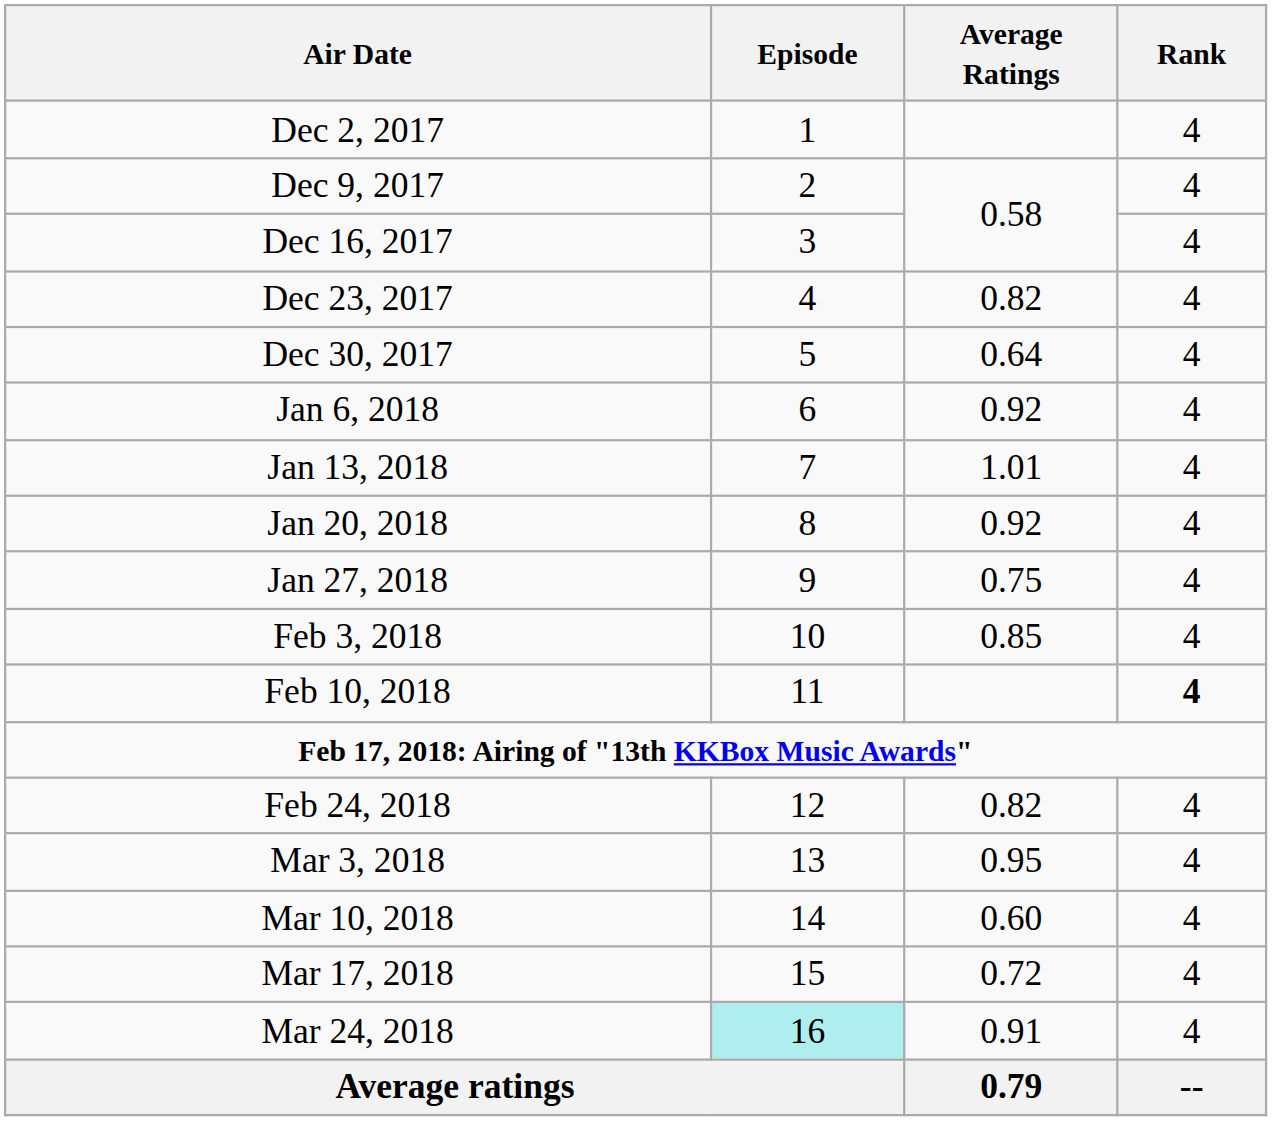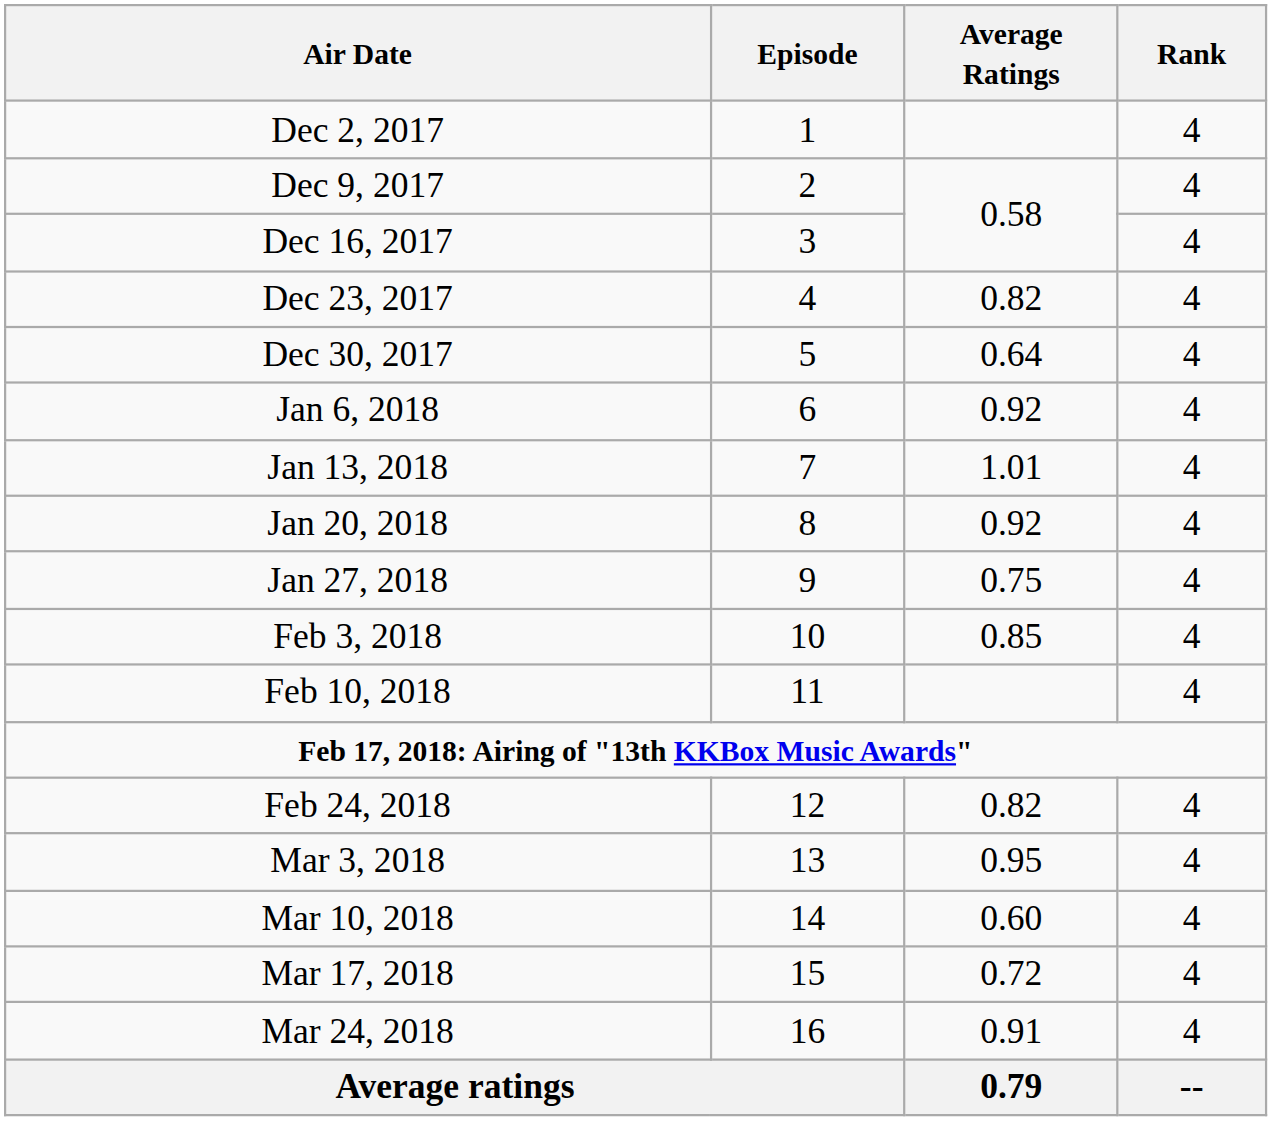 <table class="wikitable" style="text-align:center;width:45%;">
 <tr>
 <th width="25%"><small>Air Date</small></th>
 <th width="5%"><small>Episode</small></th>
 <th width="6%"><small>Average Ratings</small></th>
 <th width="4%"><small>Rank</small></th>
 </tr>
 <tr>
 <td>Dec 2, 2017</td>
 <td>1</td>
 <td><strong></strong></td>
 <td>4</td>
 </tr>
 <tr>
 <td>Dec 9, 2017</td>
 <td>2</td>
 <td rowspan=2>0.58</td>
 <td>4</td>
 </tr>
 <tr>
 <td>Dec 16, 2017</td>
 <td>3</td>
 <td>4</td>
 </tr>
 <tr>
 <td>Dec 23, 2017</td>
 <td>4</td>
 <td>0.82</td>
 <td>4</td>
 </tr>
 <tr>
 <td>Dec 30, 2017</td>
 <td>5</td>
 <td>0.64</td>
 <td>4</td>
 </tr>
 <tr>
 <td>Jan 6, 2018</td>
 <td>6</td>
 <td>0.92</td>
 <td>4</td>
 </tr>
 <tr>
 <td>Jan 13, 2018</td>
 <td>7</td>
 <td>1.01</td>
 <td>4</td>
 </tr>
 <tr>
 <td>Jan 20, 2018</td>
 <td>8</td>
 <td>0.92</td>
 <td>4</td>
 </tr>
 <tr>
 <td>Jan 27, 2018</td>
 <td>9</td>
 <td>0.75</td>
 <td>4</td>
 </tr>
 <tr>
 <td>Feb 3, 2018</td>
 <td>10</td>
 <td>0.85</td>
 <td>4</td>
 </tr>
 <tr>
 <td>Feb 10, 2018</td>
 <td>11</td>
 <td><strong></strong></td>
-<td><strong>4</strong></td>
+<td>4</td>
 </tr>
 <tr>
 <td colspan="4"><strong><small>Feb 17, 2018: Airing of "13th <a href='#'>KKBox Music Awards</a>"</small></strong></td>
 </tr>
 <tr>
 <td>Feb 24, 2018</td>
 <td>12</td>
 <td>0.82</td>
 <td>4</td>
 </tr>
 <tr>
 <td>Mar 3, 2018</td>
 <td>13</td>
 <td>0.95</td>
 <td>4</td>
 </tr>
 <tr>
 <td>Mar 10, 2018</td>
 <td>14</td>
 <td>0.60</td>
 <td>4</td>
 </tr>
 <tr>
 <td>Mar 17, 2018</td>
 <td>15</td>
 <td>0.72</td>
 <td>4</td>
 </tr>
 <tr>
 <td>Mar 24, 2018</td>
-<td style="background: paleturquoise;">16</td>
+<td>16</td>
 <td>0.91</td>
 <td>4</td>
 </tr>
 <tr>
 <th colspan="2"><strong>Average ratings</strong></th>
 <th>0.79</th>
 <th>--</th>
 </tr>
 </table>
